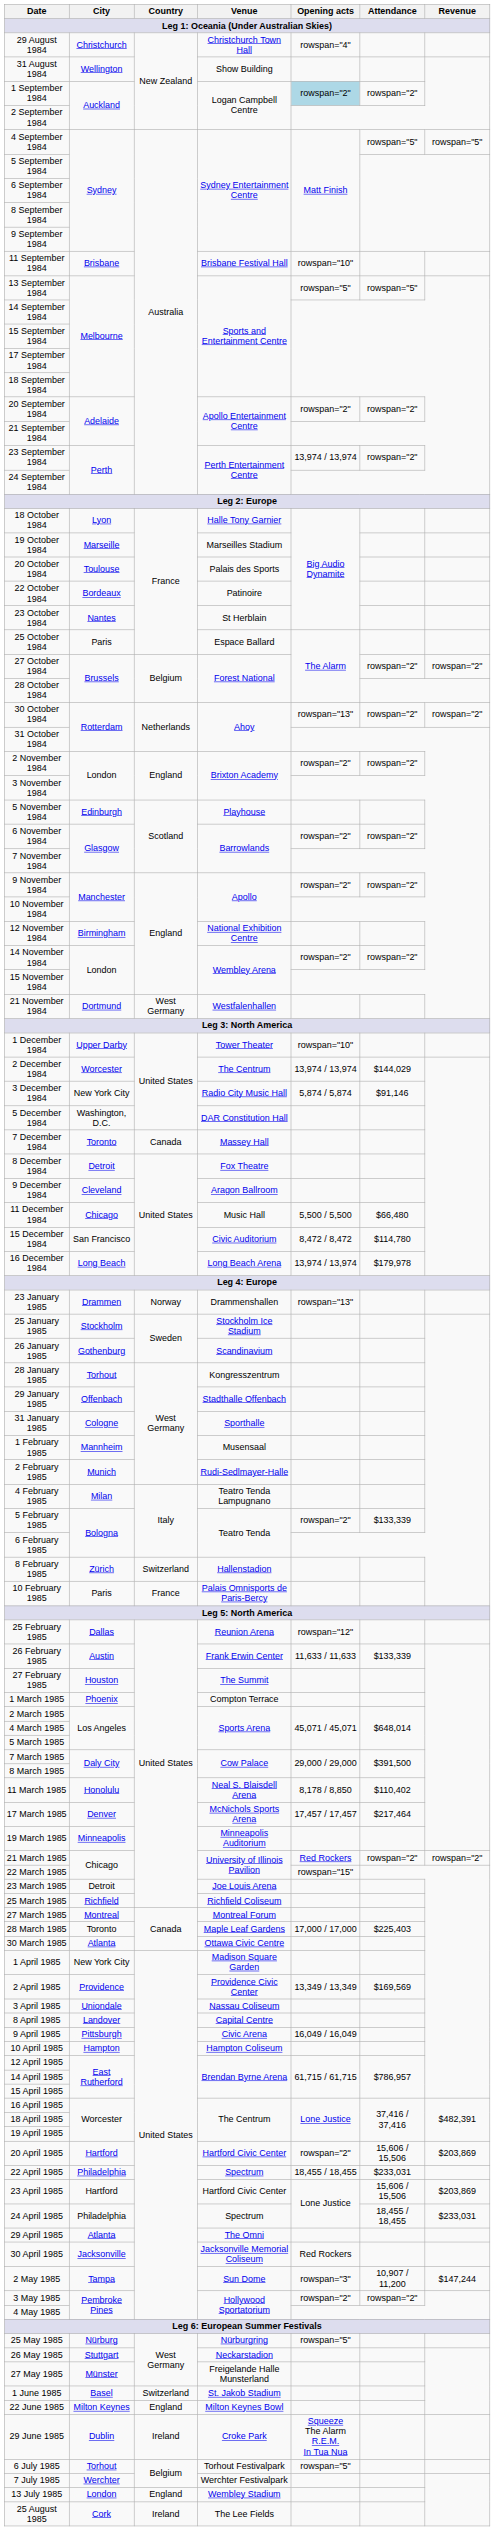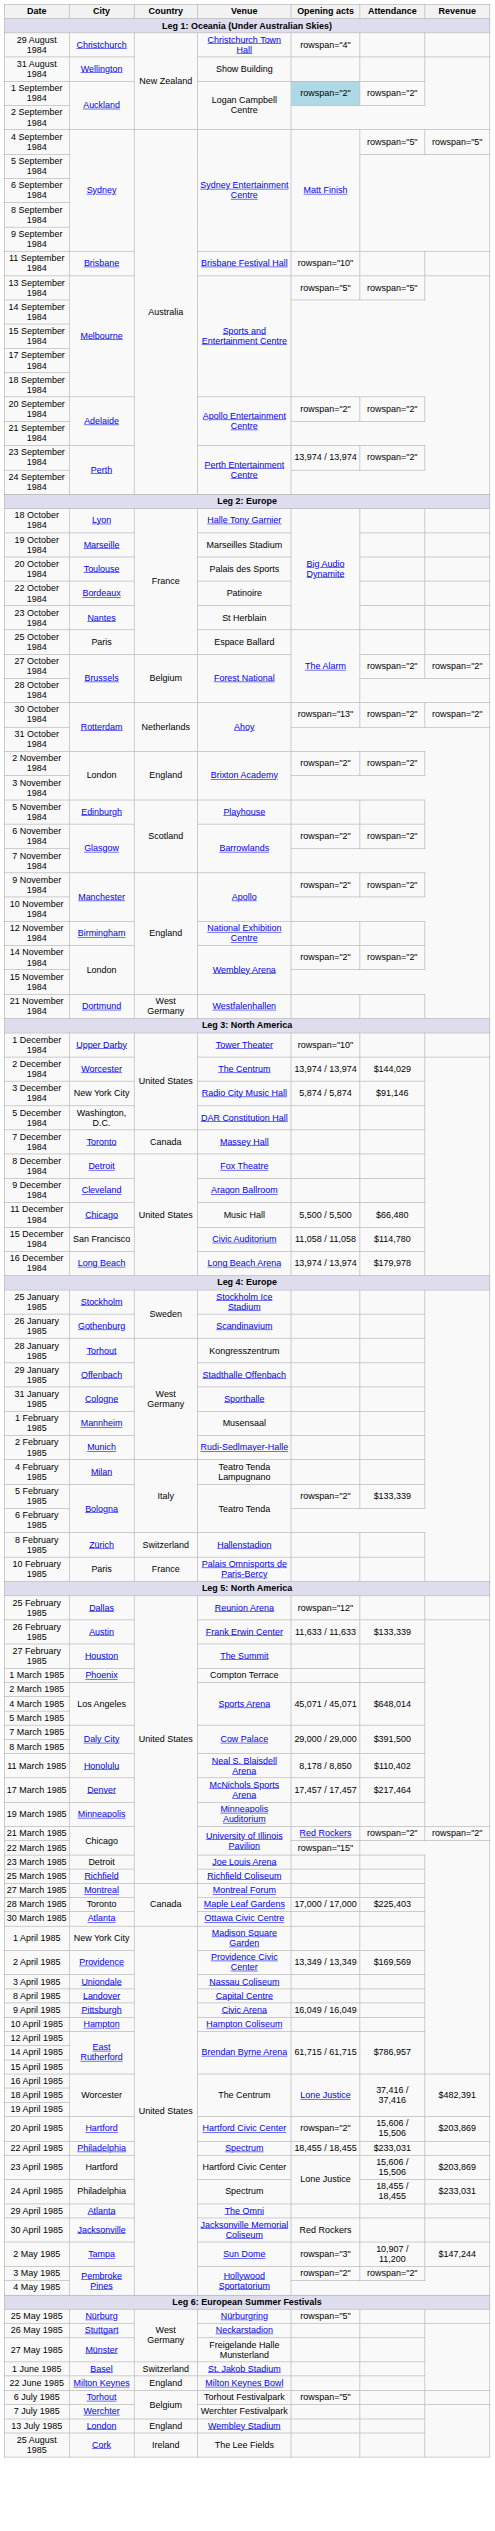 <table class="wikitable" style="text-align:center;">
 <tr>
 <th scope="col" style="width:12em;">Date</th>
 <th scope="col" style="width:10em;">City</th>
 <th scope="col" style="width:10em;">Country</th>
 <th scope="col" style="width:16em;">Venue</th>
 <th scope="col" style="width:10em;">Opening acts</th>
 <th scope="col" style="width:10em;">Attendance</th>
 <th scope="col" style="width:10em;">Revenue</th>
 </tr>
 <tr>
 <th style="background:#dde;" colspan="7"><strong>Leg 1: Oceania (Under Australian Skies)</strong></th>
 </tr>
 <tr>
 <td>29 August 1984</td>
 <td><a href='#'>Christchurch</a></td>
 <td rowspan="4">New Zealand</td>
 <td><a href='#'>Christchurch Town Hall</a></td>
 <td>rowspan="4" </td>
 <td></td>
 <td></td>
 </tr>
 <tr>
 <td>31 August 1984</td>
 <td><a href='#'>Wellington</a></td>
 <td>Show Building</td>
 <td></td>
 <td></td>
 </tr>
 <tr>
 <td>1 September 1984</td>
 <td rowspan="2"><a href='#'>Auckland</a></td>
 <td rowspan="2">Logan Campbell Centre</td>
 <td style="background: lightblue;">rowspan="2" </td>
 <td>rowspan="2" </td>
 </tr>
 <tr>
 <td>2 September 1984</td>
 </tr>
 <tr>
 <td>4 September 1984</td>
 <td rowspan="5"><a href='#'>Sydney</a></td>
 <td rowspan="15">Australia</td>
 <td rowspan="5"><a href='#'>Sydney Entertainment Centre</a></td>
 <td rowspan="5"><a href='#'>Matt Finish</a></td>
 <td>rowspan="5" </td>
 <td>rowspan="5" </td>
 </tr>
 <tr>
 <td>5 September 1984</td>
 </tr>
 <tr>
 <td>6 September 1984</td>
 </tr>
 <tr>
 <td>8 September 1984</td>
 </tr>
 <tr>
 <td>9 September 1984</td>
 </tr>
 <tr>
 <td>11 September 1984</td>
 <td><a href='#'>Brisbane</a></td>
 <td><a href='#'>Brisbane Festival Hall</a></td>
 <td>rowspan="10" </td>
 <td></td>
 <td></td>
 </tr>
 <tr>
 <td>13 September 1984</td>
 <td rowspan="5"><a href='#'>Melbourne</a></td>
 <td rowspan="5"><a href='#'>Sports and Entertainment Centre</a></td>
 <td>rowspan="5" </td>
 <td>rowspan="5" </td>
 </tr>
 <tr>
 <td>14 September 1984</td>
 </tr>
 <tr>
 <td>15 September 1984</td>
 </tr>
 <tr>
 <td>17 September 1984</td>
 </tr>
 <tr>
 <td>18 September 1984</td>
 </tr>
 <tr>
 <td>20 September 1984</td>
 <td rowspan="2"><a href='#'>Adelaide</a></td>
 <td rowspan="2"><a href='#'>Apollo Entertainment Centre</a></td>
 <td>rowspan="2" </td>
 <td>rowspan="2" </td>
 </tr>
 <tr>
 <td>21 September 1984</td>
 </tr>
 <tr>
 <td>23 September 1984</td>
 <td rowspan="2"><a href='#'>Perth</a></td>
 <td rowspan="2"><a href='#'>Perth Entertainment Centre</a></td>
 <td>13,974 / 13,974</td>
 <td>rowspan="2" </td>
 </tr>
 <tr>
 <td>24 September 1984</td>
 </tr>
 <tr>
 <th style="background:#dde;" colspan="7"><strong>Leg 2: Europe</strong></th>
 </tr>
 <tr>
 <td>18 October 1984</td>
 <td><a href='#'>Lyon</a></td>
 <td rowspan="6">France</td>
 <td><a href='#'>Halle Tony Garnier</a></td>
 <td rowspan="5"><a href='#'>Big Audio Dynamite</a></td>
 <td></td>
 <td></td>
 </tr>
 <tr>
 <td>19 October 1984</td>
 <td><a href='#'>Marseille</a></td>
 <td>Marseilles Stadium</td>
 <td></td>
 <td></td>
 </tr>
 <tr>
 <td>20 October 1984</td>
 <td><a href='#'>Toulouse</a></td>
 <td>Palais des Sports</td>
 <td></td>
 <td></td>
 </tr>
 <tr>
 <td>22 October 1984</td>
 <td><a href='#'>Bordeaux</a></td>
 <td>Patinoire</td>
 <td></td>
 <td></td>
 </tr>
 <tr>
 <td>23 October 1984</td>
 <td><a href='#'>Nantes</a></td>
 <td>St Herblain</td>
 <td></td>
 <td></td>
 </tr>
 <tr>
 <td>25 October 1984</td>
 <td>Paris</td>
 <td>Espace Ballard</td>
 <td rowspan="3"><a href='#'>The Alarm</a></td>
 <td></td>
 <td></td>
 </tr>
 <tr>
 <td>27 October 1984</td>
 <td rowspan="2"><a href='#'>Brussels</a></td>
 <td rowspan="2">Belgium</td>
 <td rowspan="2"><a href='#'>Forest National</a></td>
 <td>rowspan="2" </td>
 <td>rowspan="2" </td>
 </tr>
 <tr>
 <td>28 October 1984</td>
 </tr>
 <tr>
 <td>30 October 1984</td>
 <td rowspan="2"><a href='#'>Rotterdam</a></td>
 <td rowspan="2">Netherlands</td>
 <td rowspan="2"><a href='#'>Ahoy</a></td>
 <td>rowspan="13"  </td>
 <td>rowspan="2" </td>
 <td>rowspan="2" </td>
 </tr>
 <tr>
 <td>31 October 1984</td>
 </tr>
 <tr>
 <td>2 November 1984</td>
 <td rowspan="2">London</td>
 <td rowspan="2">England</td>
 <td rowspan="2"><a href='#'>Brixton Academy</a></td>
 <td>rowspan="2" </td>
 <td>rowspan="2" </td>
 </tr>
 <tr>
 <td>3 November 1984</td>
 </tr>
 <tr>
 <td>5 November 1984</td>
 <td><a href='#'>Edinburgh</a></td>
 <td rowspan="3">Scotland</td>
 <td><a href='#'>Playhouse</a></td>
 <td></td>
 <td></td>
 </tr>
 <tr>
 <td>6 November 1984</td>
 <td rowspan="2"><a href='#'>Glasgow</a></td>
 <td rowspan="2"><a href='#'>Barrowlands</a></td>
 <td>rowspan="2" </td>
 <td>rowspan="2" </td>
 </tr>
 <tr>
 <td>7 November 1984</td>
 </tr>
 <tr>
 <td>9 November 1984</td>
 <td rowspan="2"><a href='#'>Manchester</a></td>
 <td rowspan="5">England</td>
 <td rowspan="2"><a href='#'>Apollo</a></td>
 <td>rowspan="2" </td>
 <td>rowspan="2" </td>
 </tr>
 <tr>
 <td>10 November 1984</td>
 </tr>
 <tr>
 <td>12 November 1984</td>
 <td><a href='#'>Birmingham</a></td>
 <td><a href='#'>National Exhibition Centre</a></td>
 <td></td>
 <td></td>
 </tr>
 <tr>
 <td>14 November 1984</td>
 <td rowspan="2">London</td>
 <td rowspan="2"><a href='#'>Wembley Arena</a></td>
 <td>rowspan="2" </td>
 <td>rowspan="2" </td>
 </tr>
 <tr>
 <td>15 November 1984</td>
 </tr>
 <tr>
 <td>21 November 1984</td>
 <td><a href='#'>Dortmund</a></td>
 <td>West Germany</td>
 <td><a href='#'>Westfalenhallen</a></td>
 <td></td>
 <td></td>
 </tr>
 <tr>
 <th style="background:#dde;" colspan="7"><strong>Leg 3: North America</strong></th>
 </tr>
 <tr>
 <td>1 December 1984</td>
 <td><a href='#'>Upper Darby</a></td>
 <td rowspan="4">United States</td>
 <td><a href='#'>Tower Theater</a></td>
 <td>rowspan="10" </td>
 <td></td>
 <td></td>
 </tr>
 <tr>
 <td>2 December 1984</td>
 <td><a href='#'>Worcester</a></td>
 <td><a href='#'>The Centrum</a></td>
 <td>13,974 / 13,974</td>
 <td>$144,029</td>
 </tr>
 <tr>
 <td>3 December 1984</td>
 <td>New York City</td>
 <td><a href='#'>Radio City Music Hall</a></td>
 <td>5,874 / 5,874</td>
 <td>$91,146</td>
 </tr>
 <tr>
 <td>5 December 1984</td>
 <td>Washington, D.C.</td>
 <td><a href='#'>DAR Constitution Hall</a></td>
 <td></td>
 <td></td>
 </tr>
 <tr>
 <td>7 December 1984</td>
 <td><a href='#'>Toronto</a></td>
 <td>Canada</td>
 <td><a href='#'>Massey Hall</a></td>
 <td></td>
 <td></td>
 </tr>
 <tr>
 <td>8 December 1984</td>
 <td><a href='#'>Detroit</a></td>
 <td rowspan="5">United States</td>
 <td><a href='#'>Fox Theatre</a></td>
 <td></td>
 <td></td>
 </tr>
 <tr>
 <td>9 December 1984</td>
 <td><a href='#'>Cleveland</a></td>
 <td><a href='#'>Aragon Ballroom</a></td>
 <td></td>
 <td></td>
 </tr>
 <tr>
 <td>11 December 1984</td>
 <td><a href='#'>Chicago</a></td>
 <td>Music Hall</td>
 <td>5,500 / 5,500</td>
 <td>$66,480</td>
 </tr>
 <tr>
 <td>15 December 1984</td>
 <td>San Francisco</td>
 <td><a href='#'>Civic Auditorium</a></td>
-<td>8,472 / 8,472</td>
+<td>11,058 / 11,058</td>
 <td>$114,780</td>
 </tr>
 <tr>
 <td>16 December 1984</td>
 <td><a href='#'>Long Beach</a></td>
 <td><a href='#'>Long Beach Arena</a></td>
 <td>13,974 / 13,974</td>
 <td>$179,978</td>
 </tr>
 <tr>
 <th style="background:#dde;" colspan="7"><strong>Leg 4: Europe</strong></th>
-</tr>
-<tr>
-<td>23 January 1985</td>
-<td><a href='#'>Drammen</a></td>
-<td>Norway</td>
-<td>Drammenshallen</td>
-<td>rowspan="13" </td>
-<td></td>
-<td></td>
 </tr>
 <tr>
 <td>25 January 1985</td>
 <td><a href='#'>Stockholm</a></td>
 <td rowspan="2">Sweden</td>
 <td><a href='#'>Stockholm Ice Stadium</a></td>
 <td></td>
 <td></td>
 </tr>
 <tr>
 <td>26 January 1985</td>
 <td><a href='#'>Gothenburg</a></td>
 <td><a href='#'>Scandinavium</a></td>
 <td></td>
 <td></td>
 </tr>
 <tr>
 <td>28 January 1985</td>
 <td><a href='#'>Torhout</a></td>
 <td rowspan="5">West Germany</td>
 <td>Kongresszentrum</td>
 <td></td>
 <td></td>
 </tr>
 <tr>
 <td>29 January 1985</td>
 <td><a href='#'>Offenbach</a></td>
 <td><a href='#'>Stadthalle Offenbach</a></td>
 <td></td>
 <td></td>
 </tr>
 <tr>
 <td>31 January 1985</td>
 <td><a href='#'>Cologne</a></td>
 <td><a href='#'>Sporthalle</a></td>
 <td></td>
 <td></td>
 </tr>
 <tr>
 <td>1 February 1985</td>
 <td><a href='#'>Mannheim</a></td>
 <td>Musensaal</td>
 <td></td>
 <td></td>
 </tr>
 <tr>
 <td>2 February 1985</td>
 <td><a href='#'>Munich</a></td>
 <td><a href='#'>Rudi-Sedlmayer-Halle</a></td>
 <td></td>
 <td></td>
 </tr>
 <tr>
 <td>4 February 1985</td>
 <td><a href='#'>Milan</a></td>
 <td rowspan="3">Italy</td>
 <td>Teatro Tenda Lampugnano</td>
 <td></td>
 <td></td>
 </tr>
 <tr>
 <td>5 February 1985</td>
 <td rowspan="2"><a href='#'>Bologna</a></td>
 <td rowspan="2">Teatro Tenda</td>
 <td>rowspan="2" </td>
 <td>$133,339</td>
 </tr>
 <tr>
 <td>6 February 1985</td>
 </tr>
 <tr>
 <td>8 February 1985</td>
 <td><a href='#'>Zürich</a></td>
 <td>Switzerland</td>
 <td><a href='#'>Hallenstadion</a></td>
 <td></td>
 <td></td>
 </tr>
 <tr>
 <td>10 February 1985</td>
 <td>Paris</td>
 <td>France</td>
 <td><a href='#'>Palais Omnisports de Paris-Bercy</a></td>
 <td></td>
 <td></td>
 </tr>
 <tr>
 <th style="background:#dde;" colspan="7"><strong>Leg 5: North America</strong></th>
 </tr>
 <tr>
 <td>25 February 1985</td>
 <td><a href='#'>Dallas</a></td>
 <td rowspan="16">United States</td>
 <td><a href='#'>Reunion Arena</a></td>
 <td>rowspan="12" </td>
 <td></td>
 <td></td>
 </tr>
 <tr>
 <td>26 February 1985</td>
 <td><a href='#'>Austin</a></td>
 <td><a href='#'>Frank Erwin Center</a></td>
 <td>11,633 / 11,633</td>
 <td>$133,339</td>
 </tr>
 <tr>
 <td>27 February 1985</td>
 <td><a href='#'>Houston</a></td>
 <td><a href='#'>The Summit</a></td>
 <td></td>
 <td></td>
 </tr>
 <tr>
 <td>1 March 1985</td>
 <td><a href='#'>Phoenix</a></td>
 <td>Compton Terrace</td>
 <td></td>
 <td></td>
 </tr>
 <tr>
 <td>2 March 1985</td>
 <td rowspan="3">Los Angeles</td>
 <td rowspan="3"><a href='#'>Sports Arena</a></td>
 <td rowspan="3">45,071 / 45,071</td>
 <td rowspan="3">$648,014</td>
 </tr>
 <tr>
 <td>4 March 1985</td>
 </tr>
 <tr>
 <td>5 March 1985</td>
 </tr>
 <tr>
 <td>7 March 1985</td>
 <td rowspan="2"><a href='#'>Daly City</a></td>
 <td rowspan="2"><a href='#'>Cow Palace</a></td>
 <td rowspan="2">29,000 / 29,000</td>
 <td rowspan="2">$391,500</td>
 </tr>
 <tr>
 <td>8 March 1985</td>
 </tr>
 <tr>
 <td>11 March 1985</td>
 <td><a href='#'>Honolulu</a></td>
 <td><a href='#'>Neal S. Blaisdell Arena</a></td>
 <td>8,178 / 8,850</td>
 <td>$110,402</td>
 </tr>
 <tr>
 <td>17 March 1985</td>
 <td><a href='#'>Denver</a></td>
 <td><a href='#'>McNichols Sports Arena</a></td>
 <td>17,457 / 17,457</td>
 <td>$217,464</td>
 </tr>
 <tr>
 <td>19 March 1985</td>
 <td><a href='#'>Minneapolis</a></td>
 <td><a href='#'>Minneapolis Auditorium</a></td>
 <td></td>
 <td></td>
 </tr>
 <tr>
 <td>21 March 1985</td>
 <td rowspan="2">Chicago</td>
 <td rowspan="2"><a href='#'>University of Illinois Pavilion</a></td>
 <td><a href='#'>Red Rockers</a></td>
 <td>rowspan="2" </td>
 <td>rowspan="2" </td>
 </tr>
 <tr>
 <td>22 March 1985</td>
 <td>rowspan="15" </td>
 </tr>
 <tr>
 <td>23 March 1985</td>
 <td>Detroit</td>
 <td><a href='#'>Joe Louis Arena</a></td>
 <td></td>
 <td></td>
 </tr>
 <tr>
 <td>25 March 1985</td>
 <td><a href='#'>Richfield</a></td>
 <td><a href='#'>Richfield Coliseum</a></td>
 <td></td>
 <td></td>
 </tr>
 <tr>
 <td>27 March 1985</td>
 <td><a href='#'>Montreal</a></td>
 <td rowspan="3">Canada</td>
 <td><a href='#'>Montreal Forum</a></td>
 <td></td>
 <td></td>
 </tr>
 <tr>
 <td>28 March 1985</td>
 <td>Toronto</td>
 <td><a href='#'>Maple Leaf Gardens</a></td>
 <td>17,000 / 17,000</td>
 <td>$225,403</td>
 </tr>
 <tr>
 <td>30 March 1985</td>
 <td><a href='#'>Atlanta</a></td>
 <td><a href='#'>Ottawa Civic Centre</a></td>
 <td></td>
 <td></td>
 </tr>
 <tr>
 <td>1 April 1985</td>
 <td>New York City</td>
 <td rowspan="21">United States</td>
 <td><a href='#'>Madison Square Garden</a></td>
 <td></td>
 <td></td>
 </tr>
 <tr>
 <td>2 April 1985</td>
 <td><a href='#'>Providence</a></td>
 <td><a href='#'>Providence Civic Center</a></td>
 <td>13,349 / 13,349</td>
 <td>$169,569</td>
 </tr>
 <tr>
 <td>3 April 1985</td>
 <td><a href='#'>Uniondale</a></td>
 <td><a href='#'>Nassau Coliseum</a></td>
 <td></td>
 <td></td>
 </tr>
 <tr>
 <td>8 April 1985</td>
 <td><a href='#'>Landover</a></td>
 <td><a href='#'>Capital Centre</a></td>
 <td></td>
 <td></td>
 </tr>
 <tr>
 <td>9 April 1985</td>
 <td><a href='#'>Pittsburgh</a></td>
 <td><a href='#'>Civic Arena</a></td>
 <td>16,049 / 16,049</td>
 <td></td>
 </tr>
 <tr>
 <td>10 April 1985</td>
 <td><a href='#'>Hampton</a></td>
 <td><a href='#'>Hampton Coliseum</a></td>
 <td></td>
 <td></td>
 </tr>
 <tr>
 <td>12 April 1985</td>
 <td rowspan="3"><a href='#'>East Rutherford</a></td>
 <td rowspan="3"><a href='#'>Brendan Byrne Arena</a></td>
 <td rowspan="3">61,715 / 61,715</td>
 <td rowspan="3">$786,957</td>
 </tr>
 <tr>
 <td>14 April 1985</td>
 </tr>
 <tr>
 <td>15 April 1985</td>
 </tr>
 <tr>
 <td>16 April 1985</td>
 <td rowspan="3">Worcester</td>
 <td rowspan="3">The Centrum</td>
 <td rowspan="3"><a href='#'>Lone Justice</a></td>
 <td rowspan="3">37,416 / 37,416</td>
 <td rowspan="3">$482,391</td>
 </tr>
 <tr>
 <td>18 April 1985</td>
 </tr>
 <tr>
 <td>19 April 1985</td>
 </tr>
 <tr>
 <td>20 April 1985</td>
 <td><a href='#'>Hartford</a></td>
 <td><a href='#'>Hartford Civic Center</a></td>
 <td>rowspan="2" </td>
 <td>15,606 / 15,506</td>
 <td>$203,869</td>
 </tr>
 <tr>
 <td>22 April 1985</td>
 <td><a href='#'>Philadelphia</a></td>
 <td><a href='#'>Spectrum</a></td>
 <td>18,455 / 18,455</td>
 <td>$233,031</td>
 </tr>
 <tr>
 <td>23 April 1985</td>
 <td>Hartford</td>
 <td>Hartford Civic Center</td>
 <td rowspan="2">Lone Justice</td>
 <td>15,606 / 15,506</td>
 <td>$203,869</td>
 </tr>
 <tr>
 <td>24 April 1985</td>
 <td>Philadelphia</td>
 <td>Spectrum</td>
 <td>18,455 / 18,455</td>
 <td>$233,031</td>
 </tr>
 <tr>
 <td>29 April 1985</td>
 <td><a href='#'>Atlanta</a></td>
 <td><a href='#'>The Omni</a></td>
 <td></td>
 <td></td>
 <td></td>
 </tr>
 <tr>
 <td>30 April 1985</td>
 <td><a href='#'>Jacksonville</a></td>
 <td><a href='#'>Jacksonville Memorial Coliseum</a></td>
 <td>Red Rockers</td>
 <td></td>
 <td></td>
 </tr>
 <tr>
 <td>2 May 1985</td>
 <td><a href='#'>Tampa</a></td>
 <td><a href='#'>Sun Dome</a></td>
 <td>rowspan="3" </td>
 <td>10,907 / 11,200</td>
 <td>$147,244</td>
 </tr>
 <tr>
 <td>3 May 1985</td>
 <td rowspan="2"><a href='#'>Pembroke Pines</a></td>
 <td rowspan="2"><a href='#'>Hollywood Sportatorium</a></td>
 <td>rowspan="2" </td>
 <td>rowspan="2"  </td>
 </tr>
 <tr>
 <td>4 May 1985</td>
 </tr>
 <tr>
 <th style="background:#dde;" colspan="7"><strong>Leg 6: European Summer Festivals</strong></th>
 </tr>
 <tr>
 <td>25 May 1985</td>
 <td><a href='#'>Nürburg</a></td>
 <td rowspan="3">West Germany</td>
 <td><a href='#'>Nürburgring</a></td>
 <td>rowspan="5" </td>
 <td></td>
 <td></td>
 </tr>
 <tr>
 <td>26 May 1985</td>
 <td><a href='#'>Stuttgart</a></td>
 <td><a href='#'>Neckarstadion</a></td>
 <td></td>
 <td></td>
 </tr>
 <tr>
 <td>27 May 1985</td>
 <td><a href='#'>Münster</a></td>
 <td>Freigelande Halle Munsterland</td>
 <td></td>
 <td></td>
 </tr>
 <tr>
 <td>1 June 1985</td>
 <td><a href='#'>Basel</a></td>
 <td>Switzerland</td>
 <td><a href='#'>St. Jakob Stadium</a></td>
 <td></td>
 <td></td>
 </tr>
 <tr>
 <td>22 June 1985</td>
 <td><a href='#'>Milton Keynes</a></td>
 <td>England</td>
 <td><a href='#'>Milton Keynes Bowl</a></td>
 <td></td>
 <td></td>
 </tr>
 <tr>
-<td>29 June 1985</td>
-<td><a href='#'>Dublin</a></td>
-<td>Ireland</td>
-<td><a href='#'>Croke Park</a></td>
-<td><a href='#'>Squeeze</a> <br> The Alarm <br> <a href='#'>R.E.M.</a> <br> <a href='#'>In Tua Nua</a></td>
-<td></td>
-<td></td>
-</tr>
-<tr>
 <td>6 July 1985</td>
 <td><a href='#'>Torhout</a></td>
 <td rowspan="2">Belgium</td>
 <td>Torhout Festivalpark</td>
 <td>rowspan="5" </td>
 <td></td>
 <td></td>
 </tr>
 <tr>
 <td>7 July 1985</td>
 <td><a href='#'>Werchter</a></td>
 <td>Werchter Festivalpark</td>
 <td></td>
 <td></td>
 </tr>
 <tr>
 <td>13 July 1985</td>
 <td><a href='#'>London</a></td>
 <td>England</td>
 <td><a href='#'>Wembley Stadium</a></td>
 <td></td>
 <td></td>
 </tr>
 <tr>
 <td>25 August 1985</td>
 <td><a href='#'>Cork</a></td>
 <td>Ireland</td>
 <td>The Lee Fields</td>
 <td></td>
 <td></td>
 </tr>
 </table>
